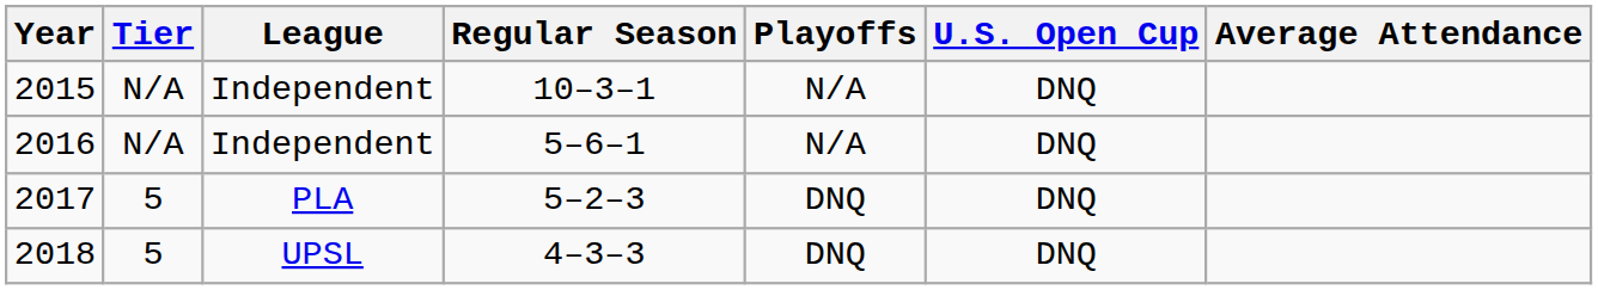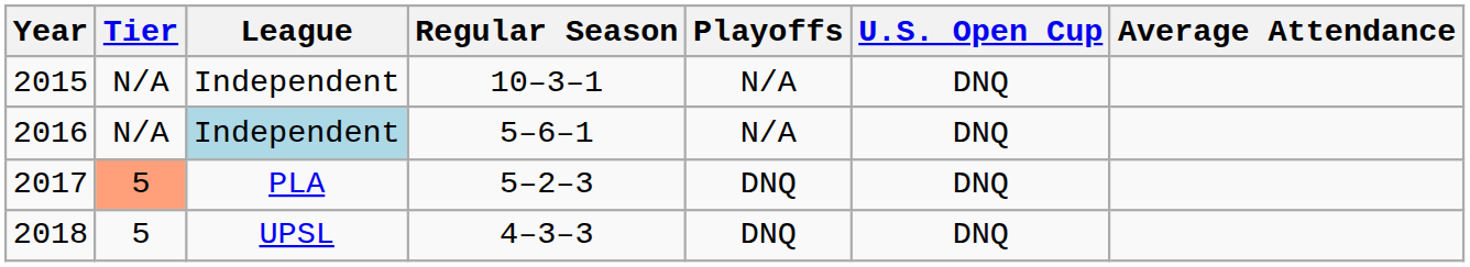 <table class="wikitable" style="text-align: center">
 <tr>
 <th>Year</th>
 <th><a href='#'>Tier</a></th>
 <th>League</th>
 <th>Regular Season</th>
 <th>Playoffs</th>
 <th><a href='#'>U.S. Open Cup</a></th>
 <th>Average Attendance</th>
 </tr>
 <tr>
 <td>2015</td>
 <td>N/A</td>
 <td>Independent</td>
 <td>10–3–1</td>
 <td>N/A</td>
 <td>DNQ</td>
 <td></td>
 </tr>
 <tr>
 <td>2016</td>
 <td>N/A</td>
-<td>Independent</td>
+<td style="background: lightblue;">Independent</td>
 <td>5–6–1</td>
 <td>N/A</td>
 <td>DNQ</td>
 <td></td>
 </tr>
 <tr>
 <td>2017</td>
-<td>5</td>
+<td style="background: lightsalmon;">5</td>
 <td><a href='#'>PLA</a></td>
 <td>5–2–3</td>
 <td>DNQ</td>
 <td>DNQ</td>
 <td></td>
 </tr>
 <tr>
 <td>2018</td>
 <td>5</td>
 <td><a href='#'>UPSL</a></td>
 <td style="text-align: center;">4–3–3</td>
 <td>DNQ</td>
 <td>DNQ</td>
 </tr>
 </table>
